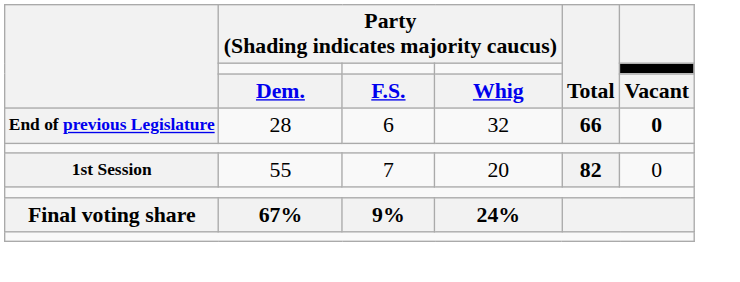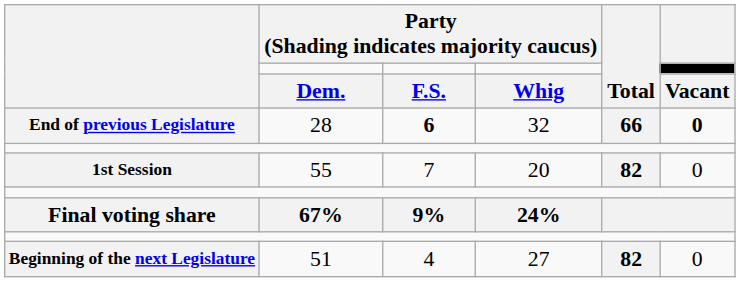 <table class=wikitable style="text-align:center">
 <tr style="vertical-align:bottom;">
 <th rowspan=3></th>
 <th colspan=3>Party <div>(Shading indicates majority caucus)</div></th>
 <th rowspan=3>Total</th>
 <th></th>
 </tr>
 <tr style="height:5px">
 <td style="background-color:"></td>
 <td style="background-color:"></td>
 <td style="background-color:"></td>
 <td style="background:black;"></td>
 </tr>
 <tr>
 <th><a href='#'>Dem.</a></th>
 <th><a href='#'>F.S.</a></th>
 <th><a href='#'>Whig</a></th>
 <th>Vacant</th>
 </tr>
 <tr>
 <th style="font-size:80%;">End of <a href='#'>previous Legislature</a></th>
 <td>28</td>
-<td>6</td>
+<td><strong>6</strong></td>
 <td>32</td>
 <th>66</th>
 <td><strong>0</strong></td>
 </tr>
 <tr>
 <td colspan=6></td>
 </tr>
 <tr>
 <th style="font-size:80%;">1st Session</th>
 <td>55</td>
 <td>7</td>
 <td>20</td>
 <th>82</th>
 <td>0</td>
 </tr>
 <tr>
 <td colspan=6></td>
 </tr>
 <tr>
 <th>Final voting share</th>
 <th>67%</th>
 <th>9%</th>
 <th>24%</th>
 <th colspan=2></th>
 </tr>
 <tr>
 <td colspan=6></td>
 </tr>
+<tr>
+<th style="font-size:80%;">Beginning of the <a href='#'>next Legislature</a></th>
+<td>51</td>
+<td>4</td>
+<td>27</td>
+<th>82</th>
+<td>0</td>
+</tr>
 </table>
